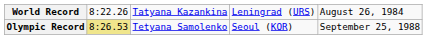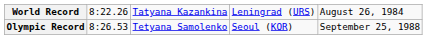 <table class="wikitable" style="font-size:95%;">
 <tr>
 <th>World Record</th>
 <td>8:22.26</td>
 <td> <a href='#'>Tatyana Kazankina</a></td>
 <td><a href='#'>Leningrad</a> (<a href='#'>URS</a>)</td>
 <td>August 26, 1984</td>
 </tr>
 <tr>
 <th>Olympic Record</th>
-<td style="background: khaki;">8:26.53</td>
+<td>8:26.53</td>
 <td> <a href='#'>Tetyana Samolenko</a></td>
 <td><a href='#'>Seoul</a> (<a href='#'>KOR</a>)</td>
 <td>September 25, 1988</td>
 </tr>
 </table>
